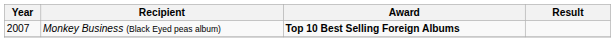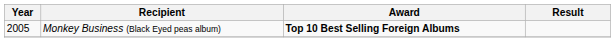 <table style="width: 75%;" class="wikitable">
 <tr>
 <th style="width:6%;">Year</th>
 <th style="width:40%;">Recipient</th>
 <th style="width:40%;">Award</th>
 <th style="width:14%;">Result</th>
 </tr>
 <tr>
-<td>2007</td>
+<td>2005</td>
 <td><em>Monkey Business</em> <small>(Black Eyed peas album)</small></td>
 <td><strong>Top 10 Best Selling Foreign Albums</strong></td>
 <td></td>
 </tr>
 <tr>
 </tr>
 <tr>
 </tr>
 </table>
